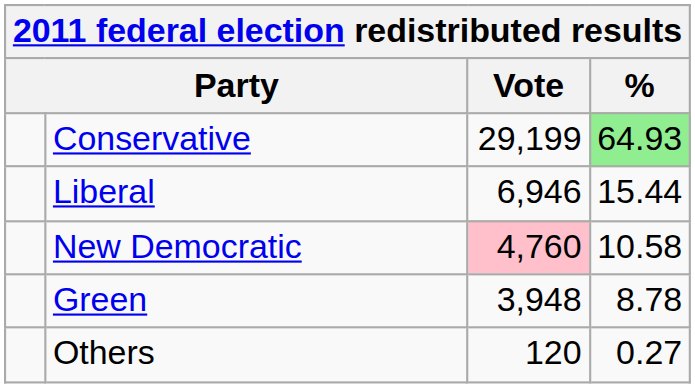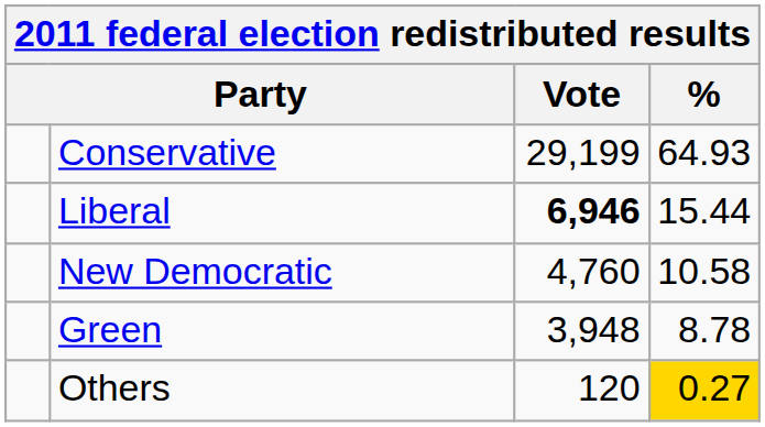 <table class="wikitable">
 <tr>
 <th colspan="4"><a href='#'>2011 federal election</a> redistributed results</th>
 </tr>
 <tr>
 <th bgcolor="#DDDDFF" width="130px" colspan="2">Party</th>
 <th bgcolor="#DDDDFF" width="50px">Vote</th>
 <th bgcolor="#DDDDFF" width="30px">%</th>
 </tr>
 <tr>
 <td> </td>
 <td><a href='#'>Conservative</a></td>
 <td align=right>29,199</td>
-<td align=right style="background: lightgreen;">64.93</td>
+<td align=right>64.93</td>
 </tr>
 <tr>
 <td> </td>
 <td><a href='#'>Liberal</a></td>
-<td align=right>6,946</td>
+<td align=right><strong>6,946</strong></td>
 <td align=right>15.44</td>
 </tr>
 <tr>
 <td> </td>
 <td><a href='#'>New Democratic</a></td>
-<td align=right style="background: pink;">4,760</td>
+<td align=right>4,760</td>
 <td align=right>10.58</td>
 </tr>
 <tr>
 <td> </td>
 <td><a href='#'>Green</a></td>
 <td align=right>3,948</td>
 <td align=right>8.78</td>
 </tr>
 <tr>
 <td> </td>
 <td>Others</td>
 <td align=right>120</td>
-<td align=right>0.27</td>
+<td align=right style="background: gold;">0.27</td>
 </tr>
 </table>
